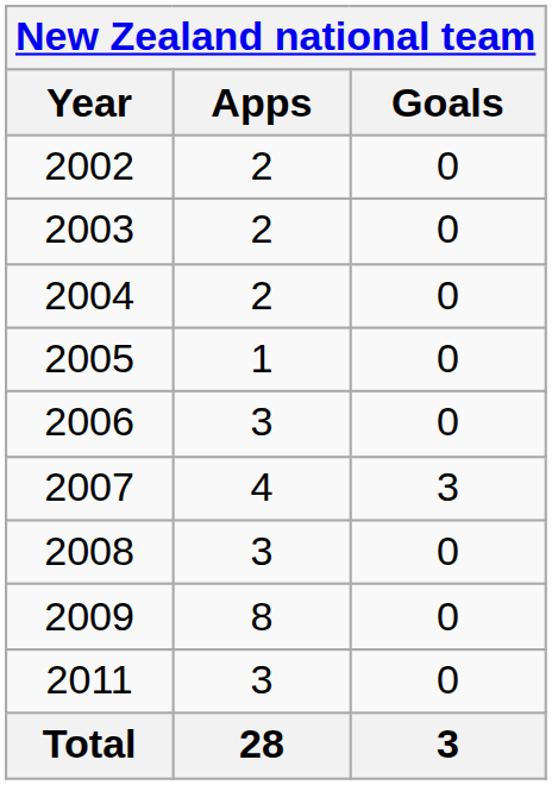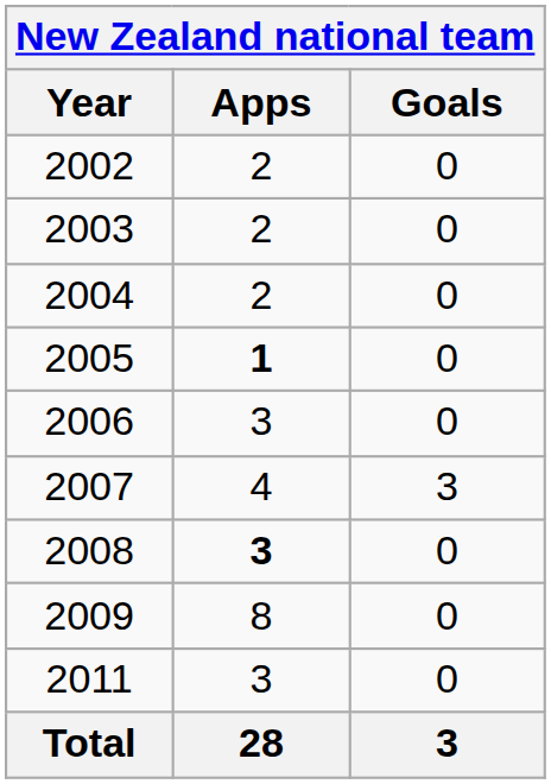 <table class="wikitable" style="text-align:center">
 <tr>
 <th colspan=3><a href='#'>New Zealand national team</a></th>
 </tr>
 <tr>
 <th>Year</th>
 <th>Apps</th>
 <th>Goals</th>
 </tr>
 <tr>
 <td>2002</td>
 <td>2</td>
 <td>0</td>
 </tr>
 <tr>
 <td>2003</td>
 <td>2</td>
 <td>0</td>
 </tr>
 <tr>
 <td>2004</td>
 <td>2</td>
 <td>0</td>
 </tr>
 <tr>
 <td>2005</td>
-<td>1</td>
+<td><strong>1</strong></td>
 <td>0</td>
 </tr>
 <tr>
 <td>2006</td>
 <td>3</td>
 <td>0</td>
 </tr>
 <tr>
 <td>2007</td>
 <td>4</td>
 <td>3</td>
 </tr>
 <tr>
 <td>2008</td>
-<td>3</td>
+<td><strong>3</strong></td>
 <td>0</td>
 </tr>
 <tr>
 <td>2009</td>
 <td>8</td>
 <td>0</td>
 </tr>
 <tr>
 <td>2011</td>
 <td>3</td>
 <td>0</td>
 </tr>
 <tr>
 <th>Total</th>
 <th>28</th>
 <th>3</th>
 </tr>
 </table>
